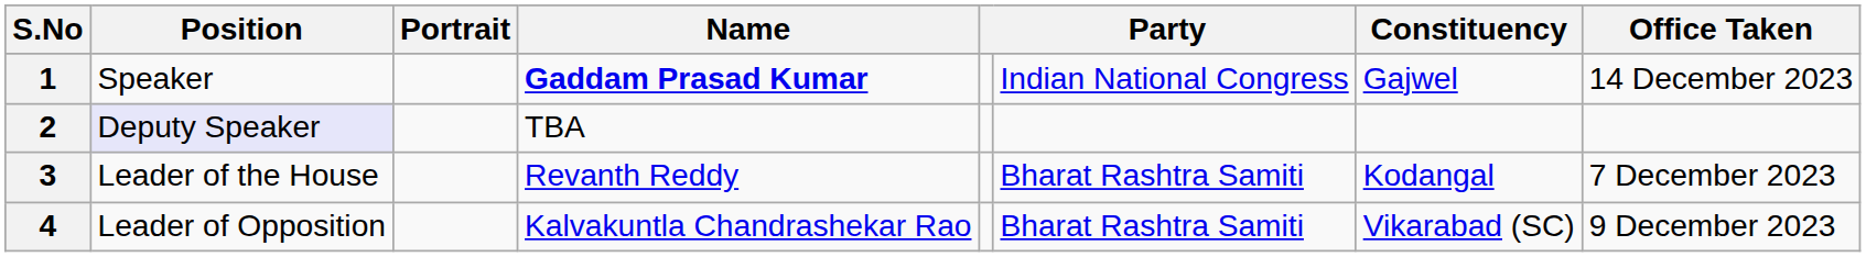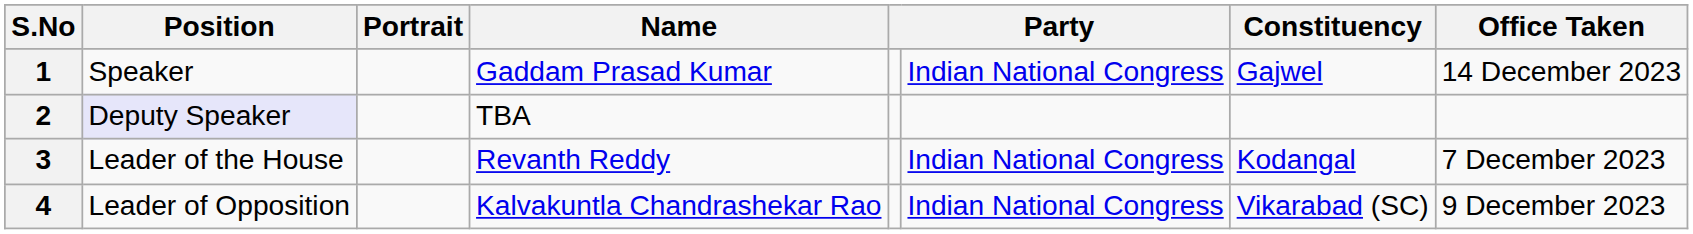 <table class="wikitable sortable">
 <tr>
 <th>S.No</th>
 <th>Position</th>
 <th>Portrait</th>
 <th>Name</th>
 <th colspan="2">Party</th>
 <th>Constituency</th>
 <th>Office Taken</th>
 </tr>
 <tr>
 <th>1</th>
 <td>Speaker</td>
 <td></td>
-<td><strong><a href='#'>Gaddam Prasad Kumar</a></strong></td>
+<td><a href='#'>Gaddam Prasad Kumar</a></td>
 <td style="background:"></td>
 <td><a href='#'>Indian National Congress</a></td>
 <td><a href='#'>Gajwel</a></td>
 <td>14 December 2023</td>
 </tr>
 <tr>
 <th>2</th>
 <td style="background: lavender;">Deputy Speaker</td>
 <td></td>
 <td>TBA</td>
 <td></td>
 <td></td>
 <td></td>
 <td></td>
 </tr>
 <tr>
 <th>3</th>
 <td>Leader of the House</td>
 <td></td>
 <td><a href='#'>Revanth Reddy</a></td>
 <td style="background:"></td>
-<td><a href='#'>Bharat Rashtra Samiti</a></td>
+<td><a href='#'>Indian National Congress</a></td>
 <td><a href='#'>Kodangal</a></td>
 <td>7 December 2023</td>
 </tr>
 <tr>
 <th>4</th>
 <td>Leader of Opposition</td>
 <td></td>
 <td><a href='#'>Kalvakuntla Chandrashekar Rao</a></td>
 <td style="background:"></td>
-<td><a href='#'>Bharat Rashtra Samiti</a></td>
+<td><a href='#'>Indian National Congress</a></td>
 <td><a href='#'>Vikarabad</a> (SC)</td>
 <td>9 December 2023</td>
 </tr>
 </table>
